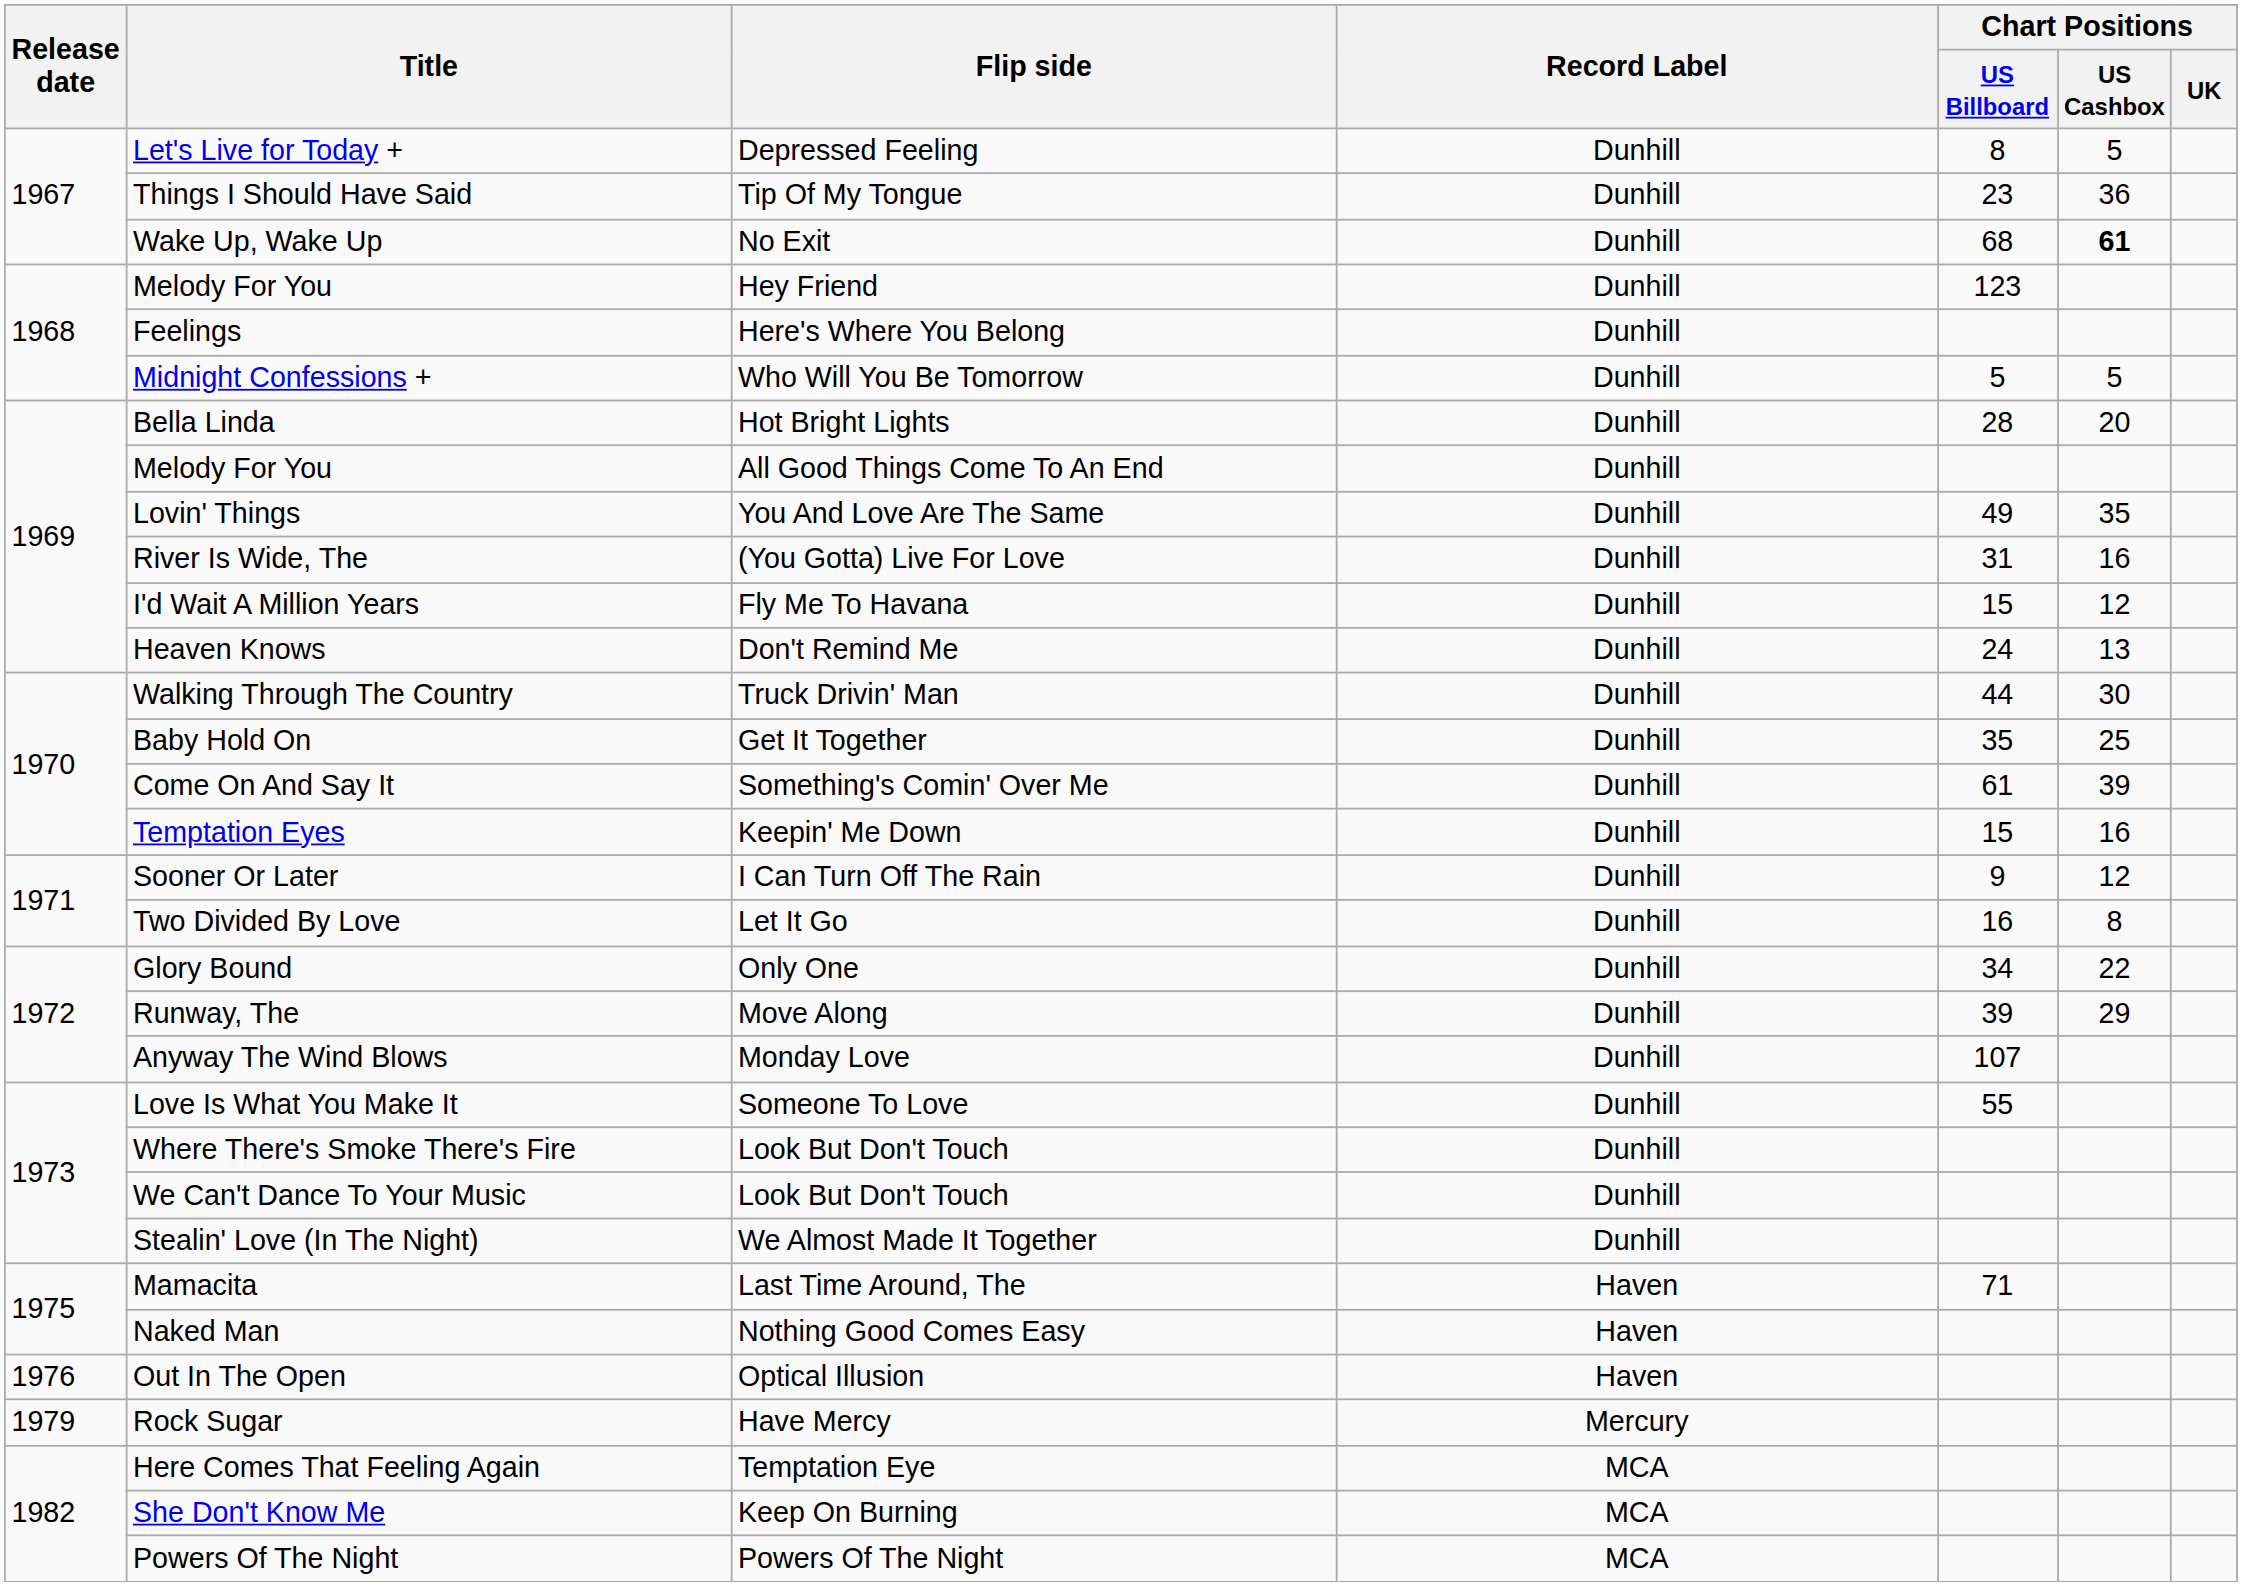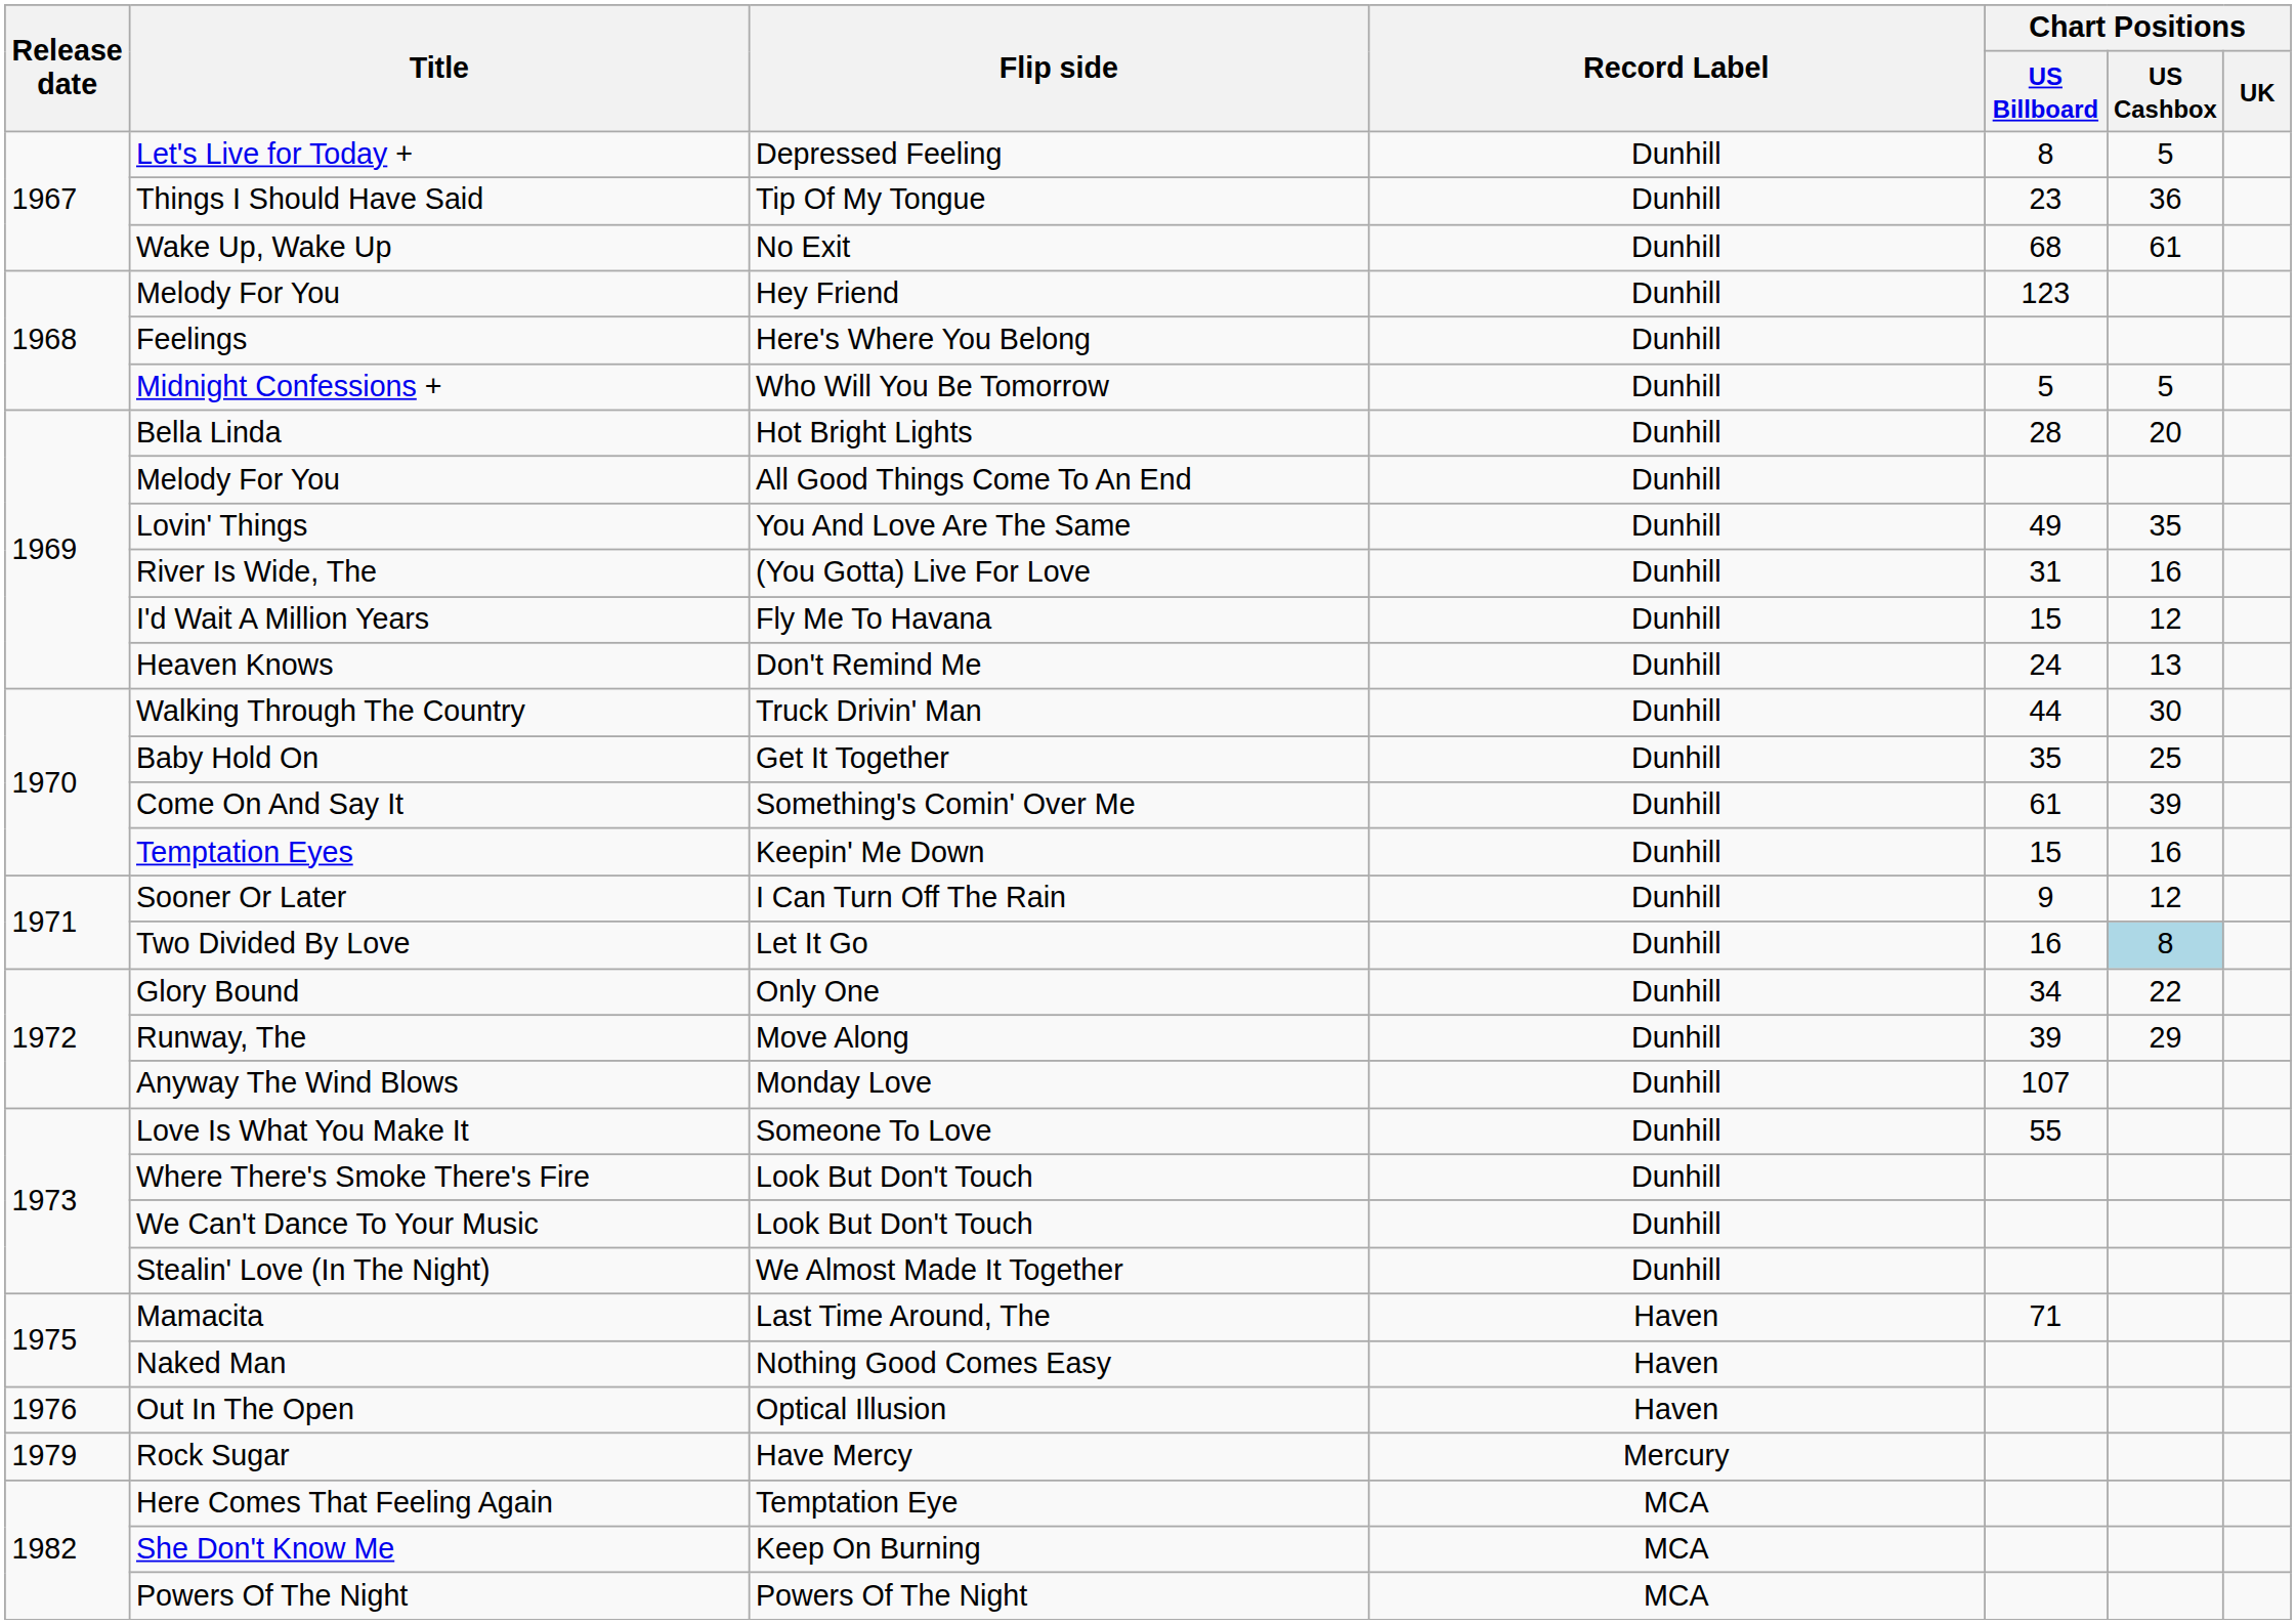 <table class="wikitable">
 <tr>
 <th width="20" rowspan="2">Release date</th>
 <th width="350" rowspan="2">Title</th>
 <th width="350" rowspan="2">Flip side</th>
 <th width="350" rowspan="2">Record Label</th>
 <th colspan="4">Chart Positions</th>
 </tr>
 <tr>
 <th width="60"><small><a href='#'>US Billboard</a></small></th>
 <th width="50"><small> US Cashbox </small></th>
 <th width="30"><small>UK</small></th>
 </tr>
 <tr>
 <td rowspan="3">1967</td>
 <td><a href='#'>Let's Live for Today</a> +</td>
 <td>Depressed Feeling</td>
 <td align="center">Dunhill</td>
 <td align="center">8</td>
 <td align="center">5</td>
 <td align="center"></td>
 </tr>
 <tr>
 <td>Things I Should Have Said</td>
 <td>Tip Of My Tongue</td>
 <td align="center">Dunhill</td>
 <td align="center">23</td>
 <td align="center">36</td>
 <td align="center"></td>
 </tr>
 <tr>
 <td>Wake Up, Wake Up</td>
 <td>No Exit</td>
 <td align="center">Dunhill</td>
 <td align="center">68</td>
-<td align="center"><strong>61</strong></td>
+<td align="center">61</td>
 <td align="center"></td>
 </tr>
 <tr>
 <td rowspan="3">1968</td>
 <td>Melody For You</td>
 <td>Hey Friend</td>
 <td align="center">Dunhill</td>
 <td align="center">123</td>
 <td align="center"></td>
 <td align="center"></td>
 </tr>
 <tr>
 <td>Feelings</td>
 <td>Here's Where You Belong</td>
 <td align="center">Dunhill</td>
 <td align="center"></td>
 <td align="center"></td>
 <td align="center"></td>
 </tr>
 <tr>
 <td><a href='#'>Midnight Confessions</a> +</td>
 <td>Who Will You Be Tomorrow</td>
 <td align="center">Dunhill</td>
 <td align="center">5</td>
 <td align="center">5</td>
 <td align="center"></td>
 </tr>
 <tr>
 <td rowspan="6">1969</td>
 <td>Bella Linda</td>
 <td>Hot Bright Lights</td>
 <td align="center">Dunhill</td>
 <td align="center">28</td>
 <td align="center">20</td>
 <td align="center"></td>
 </tr>
 <tr>
 <td>Melody For You</td>
 <td>All Good Things Come To An End</td>
 <td align="center">Dunhill</td>
 <td align="center"></td>
 <td align="center"></td>
 <td align="center"></td>
 </tr>
 <tr>
 <td>Lovin' Things</td>
 <td>You And Love Are The Same</td>
 <td align="center">Dunhill</td>
 <td align="center">49</td>
 <td align="center">35</td>
 <td align="center"></td>
 </tr>
 <tr>
 <td>River Is Wide, The</td>
 <td>(You Gotta) Live For Love</td>
 <td align="center">Dunhill</td>
 <td align="center">31</td>
 <td align="center">16</td>
 <td align="center"></td>
 </tr>
 <tr>
 <td>I'd Wait A Million Years</td>
 <td>Fly Me To Havana</td>
 <td align="center">Dunhill</td>
 <td align="center">15</td>
 <td align="center">12</td>
 <td align="center"></td>
 </tr>
 <tr>
 <td>Heaven Knows</td>
 <td>Don't Remind Me</td>
 <td align="center">Dunhill</td>
 <td align="center">24</td>
 <td align="center">13</td>
 <td align="center"></td>
 </tr>
 <tr>
 <td rowspan="4">1970</td>
 <td>Walking Through The Country</td>
 <td>Truck Drivin' Man</td>
 <td align="center">Dunhill</td>
 <td align="center">44</td>
 <td align="center">30</td>
 <td align="center"></td>
 </tr>
 <tr>
 <td>Baby Hold On</td>
 <td>Get It Together</td>
 <td align="center">Dunhill</td>
 <td align="center">35</td>
 <td align="center">25</td>
 <td align="center"></td>
 </tr>
 <tr>
 <td>Come On And Say It</td>
 <td>Something's Comin' Over Me</td>
 <td align="center">Dunhill</td>
 <td align="center">61</td>
 <td align="center">39</td>
 <td align="center"></td>
 </tr>
 <tr>
 <td><a href='#'>Temptation Eyes</a></td>
 <td>Keepin' Me Down</td>
 <td align="center">Dunhill</td>
 <td align="center">15</td>
 <td align="center">16</td>
 <td align="center"></td>
 </tr>
 <tr>
 <td rowspan="2">1971</td>
 <td>Sooner Or Later</td>
 <td>I Can Turn Off The Rain</td>
 <td align="center">Dunhill</td>
 <td align="center">9</td>
 <td align="center">12</td>
 <td align="center"></td>
 </tr>
 <tr>
 <td>Two Divided By Love</td>
 <td>Let It Go</td>
 <td align="center">Dunhill</td>
 <td align="center">16</td>
-<td align="center">8</td>
+<td align="center" style="background: lightblue;">8</td>
 <td align="center"></td>
 </tr>
 <tr>
 <td rowspan="3">1972</td>
 <td>Glory Bound</td>
 <td>Only One</td>
 <td align="center">Dunhill</td>
 <td align="center">34</td>
 <td align="center">22</td>
 <td align="center"></td>
 </tr>
 <tr>
 <td>Runway, The</td>
 <td>Move Along</td>
 <td align="center">Dunhill</td>
 <td align="center">39</td>
 <td align="center">29</td>
 <td align="center"></td>
 </tr>
 <tr>
 <td>Anyway The Wind Blows</td>
 <td>Monday Love</td>
 <td align="center">Dunhill</td>
 <td align="center">107</td>
 <td align="center"></td>
 <td align="center"></td>
 </tr>
 <tr>
 <td rowspan="4">1973</td>
 <td>Love Is What You Make It</td>
 <td>Someone To Love</td>
 <td align="center">Dunhill</td>
 <td align="center">55</td>
 <td align="center"></td>
 <td align="center"></td>
 </tr>
 <tr>
 <td>Where There's Smoke There's Fire</td>
 <td>Look But Don't Touch</td>
 <td align="center">Dunhill</td>
 <td align="center"></td>
 <td align="center"></td>
 <td align="center"></td>
 </tr>
 <tr>
 <td>We Can't Dance To Your Music</td>
 <td>Look But Don't Touch</td>
 <td align="center">Dunhill</td>
 <td align="center"></td>
 <td align="center"></td>
 <td align="center"></td>
 </tr>
 <tr>
 <td>Stealin' Love (In The Night)</td>
 <td>We Almost Made It Together</td>
 <td align="center">Dunhill</td>
 <td align="center"></td>
 <td align="center"></td>
 <td align="center"></td>
 </tr>
 <tr>
 <td rowspan="2">1975</td>
 <td>Mamacita</td>
 <td>Last Time Around, The</td>
 <td align="center">Haven</td>
 <td align="center">71</td>
 <td align="center"></td>
 <td align="center"></td>
 </tr>
 <tr>
 <td>Naked Man</td>
 <td>Nothing Good Comes Easy</td>
 <td align="center">Haven</td>
 <td align="center"></td>
 <td align="center"></td>
 <td align="center"></td>
 </tr>
 <tr>
 <td rowspan="1">1976</td>
 <td>Out In The Open</td>
 <td>Optical Illusion</td>
 <td align="center">Haven</td>
 <td align="center"></td>
 <td align="center"></td>
 <td align="center"></td>
 </tr>
 <tr>
 <td rowspan="1">1979</td>
 <td>Rock Sugar</td>
 <td>Have Mercy</td>
 <td align="center">Mercury</td>
 <td align="center"></td>
 <td align="center"></td>
 <td align="center"></td>
 </tr>
 <tr>
 <td rowspan="3">1982</td>
 <td>Here Comes That Feeling Again</td>
 <td>Temptation Eye</td>
 <td align="center">MCA</td>
 <td align="center"></td>
 <td align="center"></td>
 <td align="center"></td>
 </tr>
 <tr>
 <td><a href='#'>She Don't Know Me</a></td>
 <td>Keep On Burning</td>
 <td align="center">MCA</td>
 <td align="center"></td>
 <td align="center"></td>
 <td align="center"></td>
 </tr>
 <tr>
 <td>Powers Of The Night</td>
 <td>Powers Of The Night</td>
 <td align="center">MCA</td>
 <td align="center"></td>
 <td align="center"></td>
 <td align="center"></td>
 </tr>
 <tr>
 </tr>
 </table>
